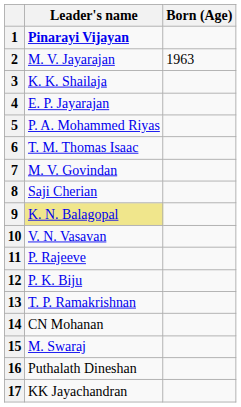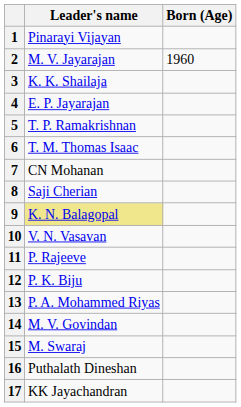 <table class ="wikitable sortable">
 <tr>
 <th Style="background-color:"></th>
 <th Style="background-color:">Leader's name</th>
 <th Style="background-color:">Born (Age)</th>
 </tr>
 <tr>
 <th>1</th>
-<td><strong><a href='#'>Pinarayi Vijayan</a></strong></td>
+<td><a href='#'>Pinarayi Vijayan</a></td>
 <td></td>
 </tr>
 <tr>
 <th>2</th>
 <td><a href='#'>M. V. Jayarajan</a></td>
-<td>1963</td>
+<td>1960</td>
 </tr>
 <tr>
 <th>3</th>
 <td><a href='#'>K. K. Shailaja</a></td>
 <td></td>
 </tr>
 <tr>
 <th>4</th>
 <td><a href='#'>E. P. Jayarajan</a></td>
 <td></td>
 </tr>
 <tr>
 <th>5</th>
-<td><a href='#'>P. A. Mohammed Riyas</a></td>
+<td><a href='#'>T. P. Ramakrishnan</a></td>
 <td></td>
 </tr>
 <tr>
 <th>6</th>
 <td><a href='#'>T. M. Thomas Isaac</a></td>
 <td></td>
 </tr>
 <tr>
 <th>7</th>
-<td><a href='#'>M. V. Govindan</a></td>
+<td>CN Mohanan</td>
 <td></td>
 </tr>
 <tr>
 <th>8</th>
 <td><a href='#'>Saji Cherian</a></td>
 <td></td>
 </tr>
 <tr>
 <th>9</th>
 <td style="background: khaki;"><a href='#'>K. N. Balagopal</a></td>
 <td></td>
 </tr>
 <tr>
 <th>10</th>
 <td><a href='#'>V. N. Vasavan</a></td>
 <td></td>
 </tr>
 <tr>
 <th>11</th>
 <td><a href='#'>P. Rajeeve</a></td>
 <td></td>
 </tr>
 <tr>
 <th>12</th>
 <td><a href='#'>P. K. Biju</a></td>
 <td></td>
 </tr>
 <tr>
 <th>13</th>
-<td><a href='#'>T. P. Ramakrishnan</a></td>
+<td><a href='#'>P. A. Mohammed Riyas</a></td>
 <td></td>
 </tr>
 <tr>
 <th>14</th>
-<td>CN Mohanan</td>
+<td><a href='#'>M. V. Govindan</a></td>
 <td></td>
 </tr>
 <tr>
 <th>15</th>
 <td><a href='#'>M. Swaraj</a></td>
 <td></td>
 </tr>
 <tr>
 <th>16</th>
 <td>Puthalath Dineshan</td>
 <td></td>
 </tr>
 <tr>
 <th>17</th>
 <td>KK Jayachandran</td>
 <td></td>
 </tr>
 </table>
